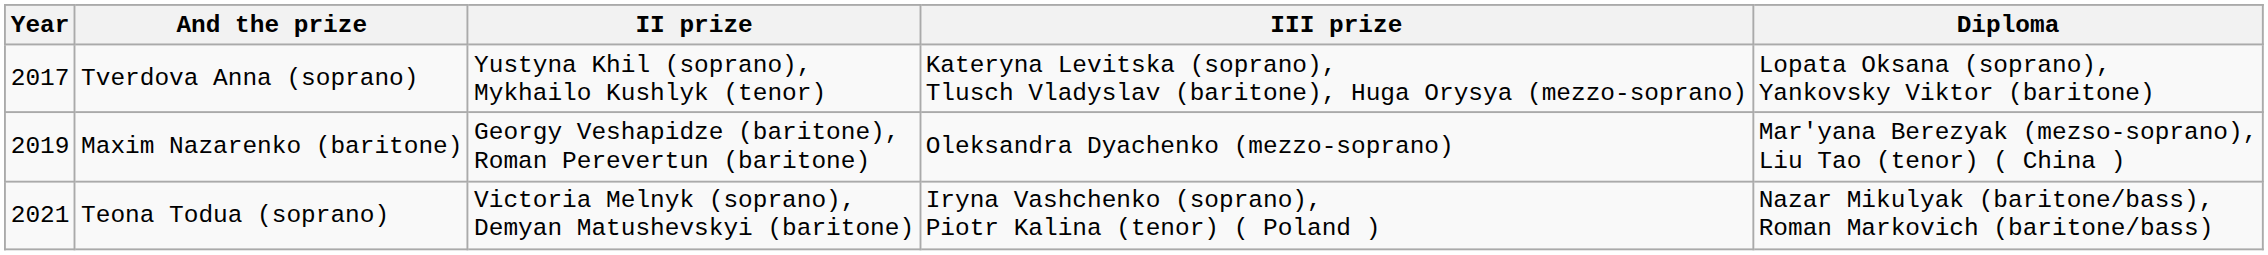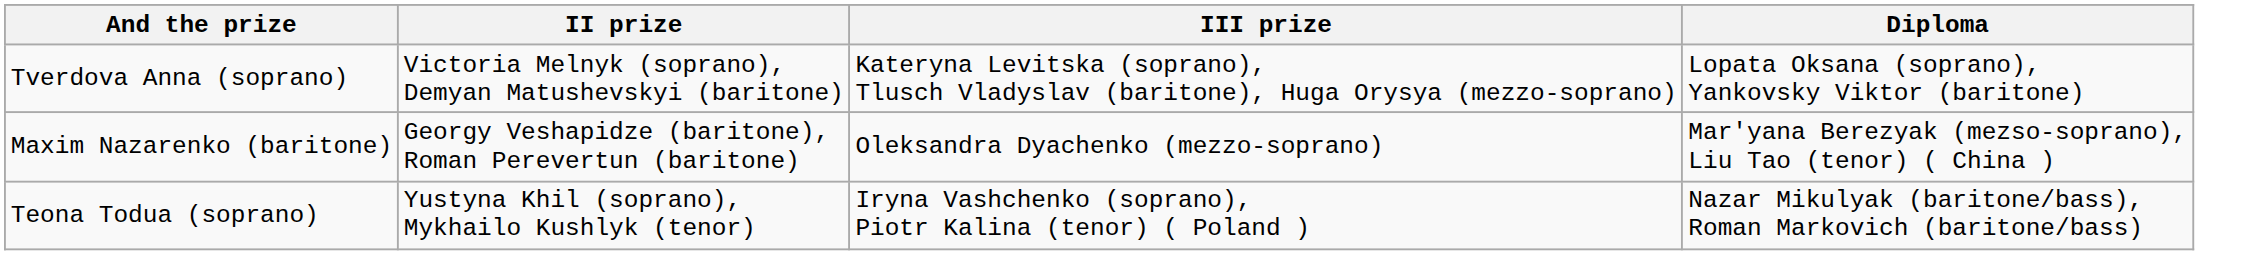 <table class="wikitable">
 <tr>
-<th>Year</th>
 <th>And the prize</th>
 <th>II prize</th>
 <th>III prize</th>
 <th>Diploma</th>
 </tr>
 <tr>
-<td>2017</td>
 <td>Tverdova Anna (soprano)</td>
-<td>Yustyna Khil (soprano),<br>Mykhailo Kushlyk (tenor)</td>
+<td>Victoria Melnyk (soprano),<br>Demyan Matushevskyi (baritone)</td>
 <td>Kateryna Levitska (soprano),<br>Tlusch Vladyslav (baritone), Huga Orysya (mezzo-soprano)</td>
 <td>Lopata Oksana (soprano),<br>Yankovsky Viktor (baritone)</td>
 </tr>
 <tr>
-<td>2019</td>
 <td>Maxim Nazarenko (baritone)</td>
 <td>Georgy Veshapidze (baritone),<br>Roman Perevertun (baritone)</td>
 <td>Oleksandra Dyachenko (mezzo-soprano)</td>
 <td>Mar'yana Berezyak (mezso-soprano),<br>Liu Tao (tenor) ( China )</td>
 </tr>
 <tr>
-<td>2021</td>
 <td>Teona Todua (soprano)</td>
-<td>Victoria Melnyk (soprano),<br>Demyan Matushevskyi (baritone)</td>
+<td>Yustyna Khil (soprano),<br>Mykhailo Kushlyk (tenor)</td>
 <td>Iryna Vashchenko (soprano),<br>Piotr Kalina (tenor) ( Poland )</td>
 <td>Nazar Mikulyak (baritone/bass),<br>Roman Markovich (baritone/bass)</td>
 </tr>
 </table>
